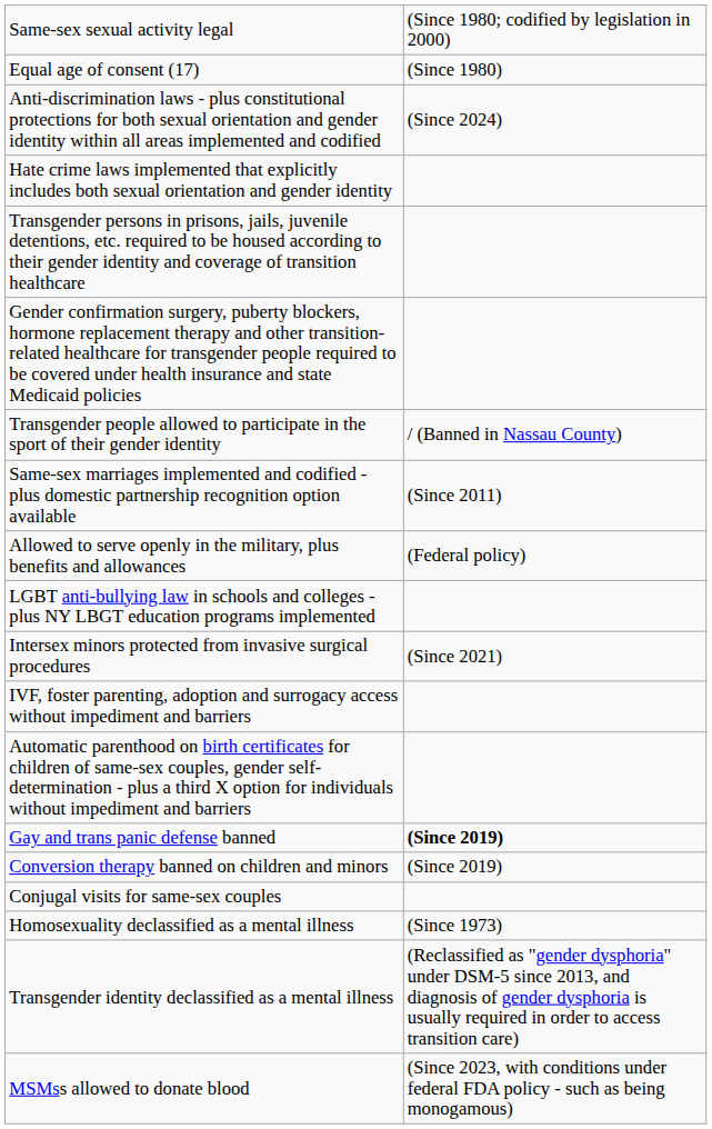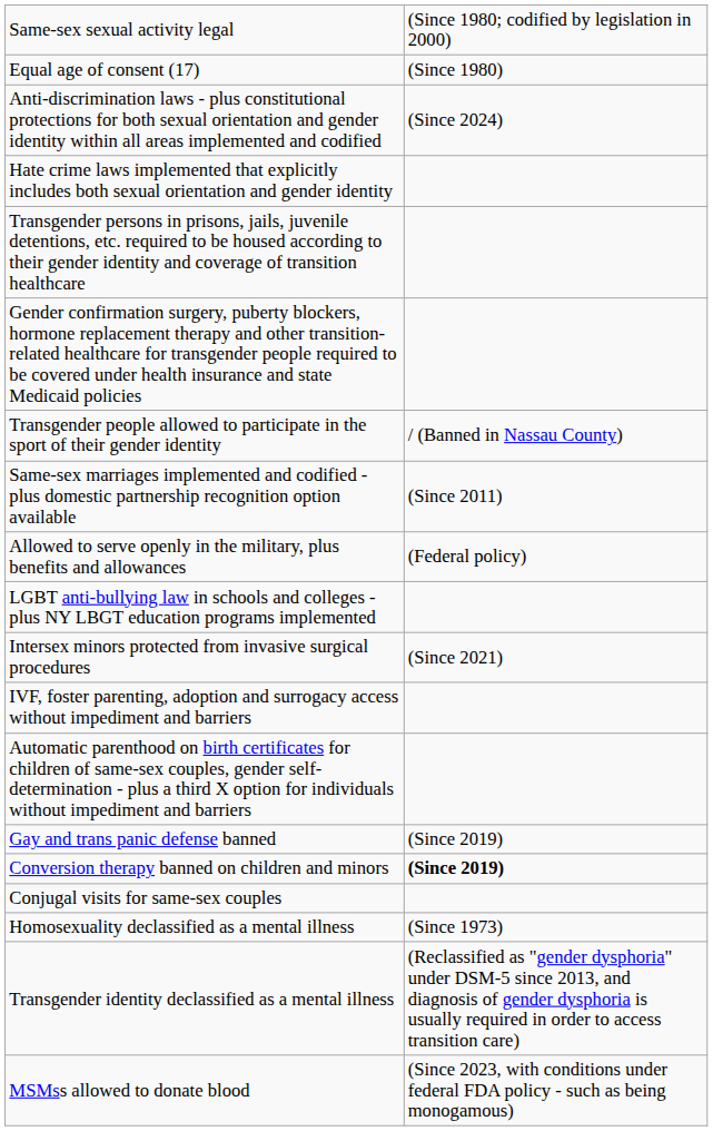 <table class="wikitable">
 <tr>
 <td>Same-sex sexual activity legal</td>
 <td> (Since 1980; codified by legislation in 2000)</td>
 </tr>
 <tr>
 <td>Equal age of consent (17)</td>
 <td> (Since 1980)</td>
 </tr>
 <tr>
 <td>Anti-discrimination laws - plus constitutional protections for both sexual orientation and gender identity within all areas implemented and codified</td>
 <td> (Since 2024)</td>
 </tr>
 <tr>
 <td>Hate crime laws implemented that explicitly includes both sexual orientation and gender identity</td>
 <td></td>
 </tr>
 <tr>
 <td>Transgender persons in prisons, jails, juvenile detentions, etc. required to be housed according to their gender identity and coverage of transition healthcare</td>
 <td></td>
 </tr>
 <tr>
 <td>Gender confirmation surgery, puberty blockers, hormone replacement therapy and other transition-related healthcare for transgender people required to be covered under health insurance and state Medicaid policies</td>
 <td></td>
 </tr>
 <tr>
 <td>Transgender people allowed to participate in the sport of their gender identity</td>
 <td>/ (Banned in <a href='#'>Nassau County</a>)</td>
 </tr>
 <tr>
 <td>Same-sex marriages implemented and codified - plus domestic partnership recognition option available</td>
 <td> (Since 2011)</td>
 </tr>
 <tr>
 <td>Allowed to serve openly in the military, plus benefits and allowances</td>
 <td> (Federal policy)</td>
 </tr>
 <tr>
 <td>LGBT <a href='#'>anti-bullying law</a> in schools and colleges - plus NY LBGT education programs implemented</td>
 <td></td>
 </tr>
 <tr>
 <td>Intersex minors protected from invasive surgical procedures</td>
 <td> (Since 2021)</td>
 </tr>
 <tr>
 <td>IVF, foster parenting, adoption and surrogacy access without impediment and barriers</td>
 <td></td>
 </tr>
 <tr>
 <td>Automatic parenthood on <a href='#'>birth certificates</a> for children of same-sex couples, gender self-determination - plus a third X option for individuals without impediment and barriers</td>
 <td></td>
 </tr>
 <tr>
 <td><a href='#'>Gay and trans panic defense</a> banned</td>
-<td><strong> (Since 2019)</strong></td>
+<td> (Since 2019)</td>
 </tr>
 <tr>
 <td><a href='#'>Conversion therapy</a> banned on children and minors</td>
-<td> (Since 2019)</td>
+<td><strong> (Since 2019)</strong></td>
 </tr>
 <tr>
 <td>Conjugal visits for same-sex couples</td>
 <td></td>
 </tr>
 <tr>
 <td>Homosexuality declassified as a mental illness</td>
 <td> (Since 1973)</td>
 </tr>
 <tr>
 <td>Transgender identity declassified as a mental illness</td>
 <td> (Reclassified as "<a href='#'>gender dysphoria</a>" under DSM-5 since 2013, and diagnosis of <a href='#'>gender dysphoria</a> is usually required in order to access transition care)</td>
 </tr>
 <tr>
 <td><a href='#'>MSMs</a>s allowed to donate blood</td>
 <td> (Since 2023, with conditions under federal FDA policy - such as being monogamous)</td>
 </tr>
 </table>
